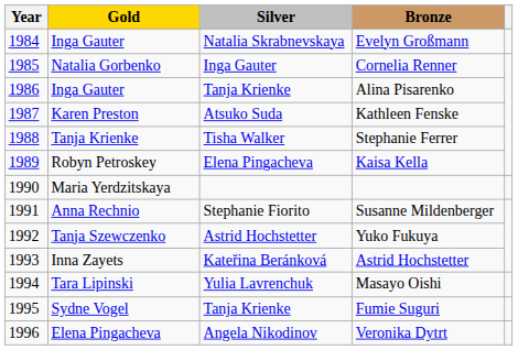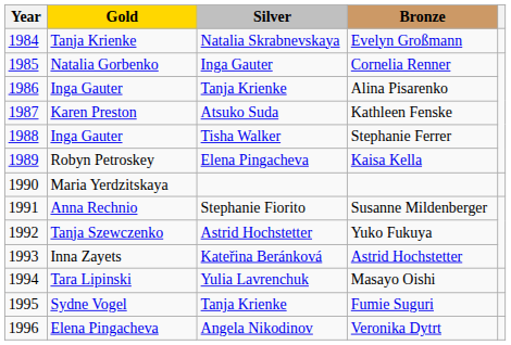 <table class="wikitable unsortable" style="text-align:left; width:85%">
 <tr>
 <th scope="col" style="text-align:center">Year</th>
 <td scope="col" style="text-align:center; width:30%; background:gold"><strong>Gold</strong></td>
 <td scope="col" style="text-align:center; width:30%; background:silver"><strong>Silver</strong></td>
 <td scope="col" style="text-align:center; width:30%; background:#c96"><strong>Bronze</strong></td>
 <th scope="col" style="text-align:center"></th>
 </tr>
 <tr>
 <td><a href='#'>1984</a></td>
-<td> <a href='#'>Inga Gauter</a></td>
+<td> <a href='#'>Tanja Krienke</a></td>
 <td> <a href='#'>Natalia Skrabnevskaya</a></td>
 <td> <a href='#'>Evelyn Großmann</a></td>
 <td></td>
 </tr>
 <tr>
 <td><a href='#'>1985</a></td>
 <td> <a href='#'>Natalia Gorbenko</a></td>
 <td> <a href='#'>Inga Gauter</a></td>
 <td> <a href='#'>Cornelia Renner</a></td>
 <td rowspan="5"></td>
 </tr>
 <tr>
 <td><a href='#'>1986</a></td>
 <td> <a href='#'>Inga Gauter</a></td>
 <td> <a href='#'>Tanja Krienke</a></td>
 <td> Alina Pisarenko</td>
 </tr>
 <tr>
 <td><a href='#'>1987</a></td>
 <td> <a href='#'>Karen Preston</a></td>
 <td> <a href='#'>Atsuko Suda</a></td>
 <td> Kathleen Fenske</td>
 </tr>
 <tr>
 <td><a href='#'>1988</a></td>
-<td> <a href='#'>Tanja Krienke</a></td>
+<td> <a href='#'>Inga Gauter</a></td>
 <td> <a href='#'>Tisha Walker</a></td>
 <td> Stephanie Ferrer</td>
 </tr>
 <tr>
 <td><a href='#'>1989</a></td>
 <td> Robyn Petroskey</td>
 <td> <a href='#'>Elena Pingacheva</a></td>
 <td> <a href='#'>Kaisa Kella</a></td>
 </tr>
 <tr>
 <td>1990</td>
 <td> Maria Yerdzitskaya</td>
 <td></td>
 <td></td>
 <td></td>
 </tr>
 <tr>
 <td>1991</td>
 <td> <a href='#'>Anna Rechnio</a></td>
 <td> Stephanie Fiorito</td>
 <td> Susanne Mildenberger</td>
 <td rowspan="3"></td>
 </tr>
 <tr>
 <td>1992</td>
 <td> <a href='#'>Tanja Szewczenko</a></td>
 <td> <a href='#'>Astrid Hochstetter</a></td>
 <td> Yuko Fukuya</td>
 </tr>
 <tr>
 <td>1993</td>
 <td> Inna Zayets</td>
 <td> <a href='#'>Kateřina Beránková</a></td>
 <td> <a href='#'>Astrid Hochstetter</a></td>
 </tr>
 <tr>
 <td>1994</td>
 <td> <a href='#'>Tara Lipinski</a></td>
 <td> <a href='#'>Yulia Lavrenchuk</a></td>
 <td> Masayo Oishi</td>
 <td></td>
 </tr>
 <tr>
 <td>1995</td>
 <td> <a href='#'>Sydne Vogel</a></td>
 <td> <a href='#'>Tanja Krienke</a></td>
 <td> <a href='#'>Fumie Suguri</a></td>
 <td></td>
 </tr>
 <tr>
 <td>1996</td>
 <td> <a href='#'>Elena Pingacheva</a></td>
 <td> <a href='#'>Angela Nikodinov</a></td>
 <td> <a href='#'>Veronika Dytrt</a></td>
 <td></td>
 </tr>
 </table>
